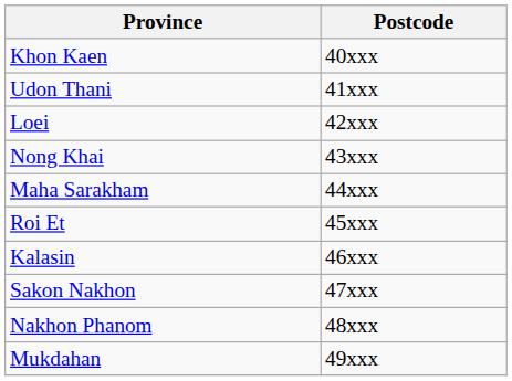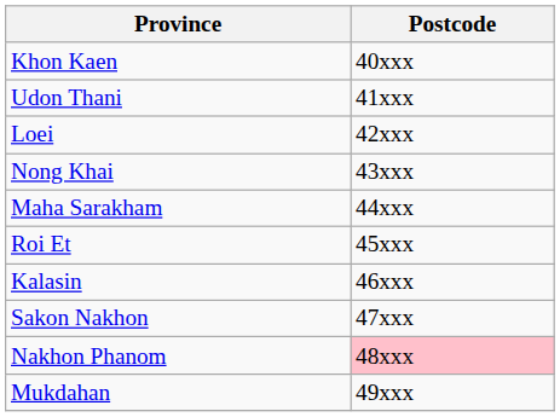 <table class="wikitable" style="width:30%; display:inline-table;">
 <tr>
 <th>Province</th>
 <th>Postcode</th>
 </tr>
 <tr>
 <td><a href='#'>Khon Kaen</a></td>
 <td>40xxx</td>
 </tr>
 <tr>
 <td><a href='#'>Udon Thani</a></td>
 <td>41xxx</td>
 </tr>
 <tr>
 <td><a href='#'>Loei</a></td>
 <td>42xxx</td>
 </tr>
 <tr>
 <td><a href='#'>Nong Khai</a></td>
 <td>43xxx</td>
 </tr>
 <tr>
 <td><a href='#'>Maha Sarakham</a></td>
 <td>44xxx</td>
 </tr>
 <tr>
 <td><a href='#'>Roi Et</a></td>
 <td>45xxx</td>
 </tr>
 <tr>
 <td><a href='#'>Kalasin</a></td>
 <td>46xxx</td>
 </tr>
 <tr>
 <td><a href='#'>Sakon Nakhon</a></td>
 <td>47xxx</td>
 </tr>
 <tr>
 <td><a href='#'>Nakhon Phanom</a></td>
-<td>48xxx</td>
+<td style="background: pink;">48xxx</td>
 </tr>
 <tr>
 <td><a href='#'>Mukdahan</a></td>
 <td>49xxx</td>
 </tr>
 <tr>
 </tr>
 </table>
